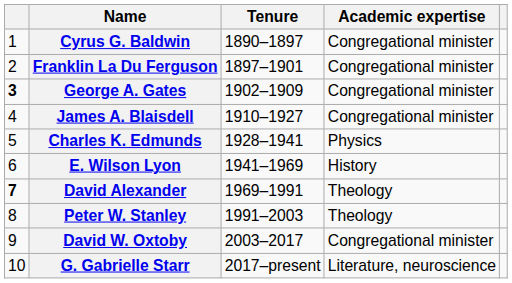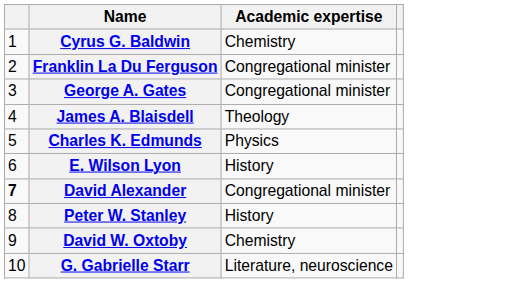 <table class="wikitable plainrowheaders" style="border:2px solid #">
 <tr>
 <th scope="col"></th>
 <th scope="col">Name</th>
-<th scope="col">Tenure</th>
 <th scope="col">Academic expertise</th>
 <th scope="col"></th>
 </tr>
 <tr>
 <td>1</td>
 <th scope="row"><a href='#'>Cyrus G. Baldwin</a></th>
-<td>1890–1897</td>
-<td>Congregational minister</td>
+<td>Chemistry</td>
 <td></td>
 </tr>
 <tr>
 <td>2</td>
 <th scope="row"><a href='#'>Franklin La Du Ferguson</a></th>
-<td>1897–1901</td>
 <td>Congregational minister</td>
 <td></td>
 </tr>
 <tr>
-<td><strong>3</strong></td>
+<td>3</td>
 <th scope="row"><a href='#'>George A. Gates</a></th>
-<td>1902–1909</td>
 <td>Congregational minister</td>
 <td></td>
 </tr>
 <tr>
 <td>4</td>
 <th scope="row"><a href='#'>James A. Blaisdell</a></th>
-<td>1910–1927</td>
-<td>Congregational minister</td>
+<td>Theology</td>
 <td></td>
 </tr>
 <tr>
 <td>5</td>
 <th scope="row"><a href='#'>Charles K. Edmunds</a></th>
-<td>1928–1941</td>
 <td>Physics</td>
 <td></td>
 </tr>
 <tr>
 <td>6</td>
 <th scope="row"><a href='#'>E. Wilson Lyon</a></th>
-<td>1941–1969</td>
 <td>History</td>
 <td></td>
 </tr>
 <tr>
 <td><strong>7</strong></td>
 <th scope="row"><a href='#'>David Alexander</a></th>
-<td>1969–1991</td>
-<td>Theology</td>
+<td>Congregational minister</td>
 <td></td>
 </tr>
 <tr>
 <td>8</td>
 <th scope="row"><a href='#'>Peter W. Stanley</a></th>
-<td>1991–2003</td>
-<td>Theology</td>
+<td>History</td>
 <td></td>
 </tr>
 <tr>
 <td>9</td>
 <th scope="row"><a href='#'>David W. Oxtoby</a></th>
-<td>2003–2017</td>
-<td>Congregational minister</td>
+<td>Chemistry</td>
 <td></td>
 </tr>
 <tr>
 <td>10</td>
 <th scope="row"><a href='#'>G. Gabrielle Starr</a></th>
-<td>2017–present</td>
 <td>Literature, neuroscience</td>
 <td></td>
 </tr>
 </table>
